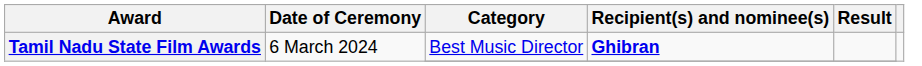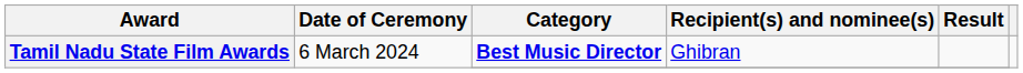 <table class="wikitable plainrowheaders sortable">
 <tr>
 <th scope="col">Award</th>
 <th scope="col">Date of Ceremony</th>
 <th scope="col">Category</th>
 <th scope="col">Recipient(s) and nominee(s)</th>
 <th scope="col">Result</th>
 <th scope="col" class="unsortable"></th>
 </tr>
 <tr>
 <th rowspan="2" scope="row"><a href='#'>Tamil Nadu State Film Awards</a></th>
 <td rowspan="2">6 March 2024</td>
-<td><a href='#'>Best Music Director</a></td>
-<td><strong><a href='#'>Ghibran</a></strong></td>
+<td><strong><a href='#'>Best Music Director</a></strong></td>
+<td><a href='#'>Ghibran</a></td>
 <td></td>
 <td rowspan="2" style="text-align:center;"></td>
 </tr>
 <tr>
 </tr>
 </table>
